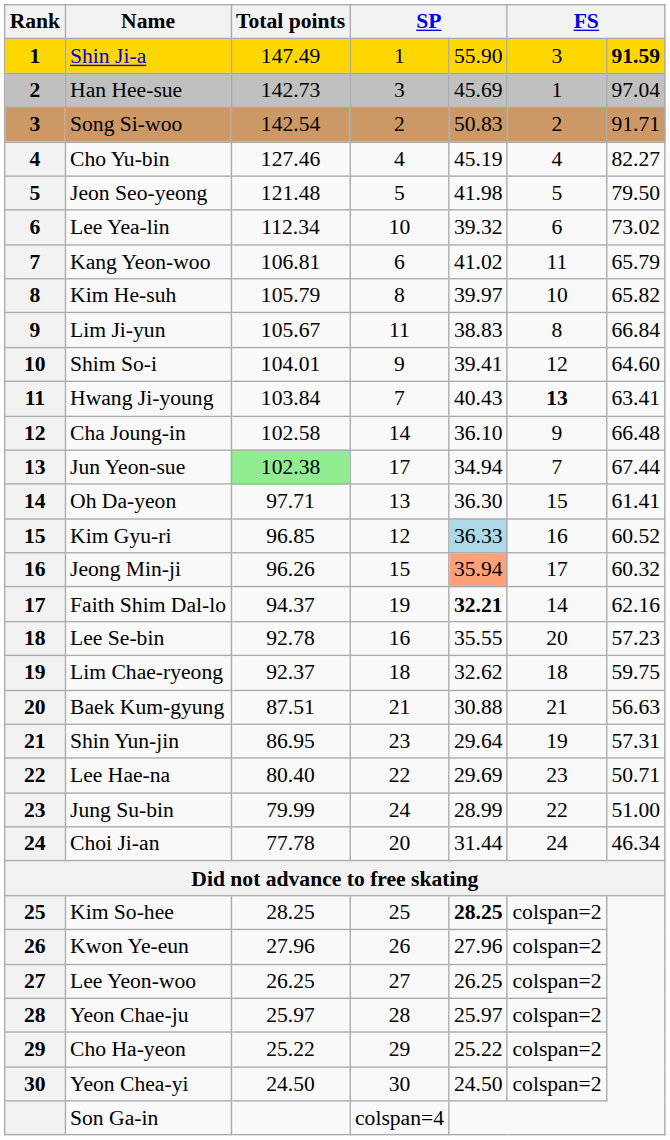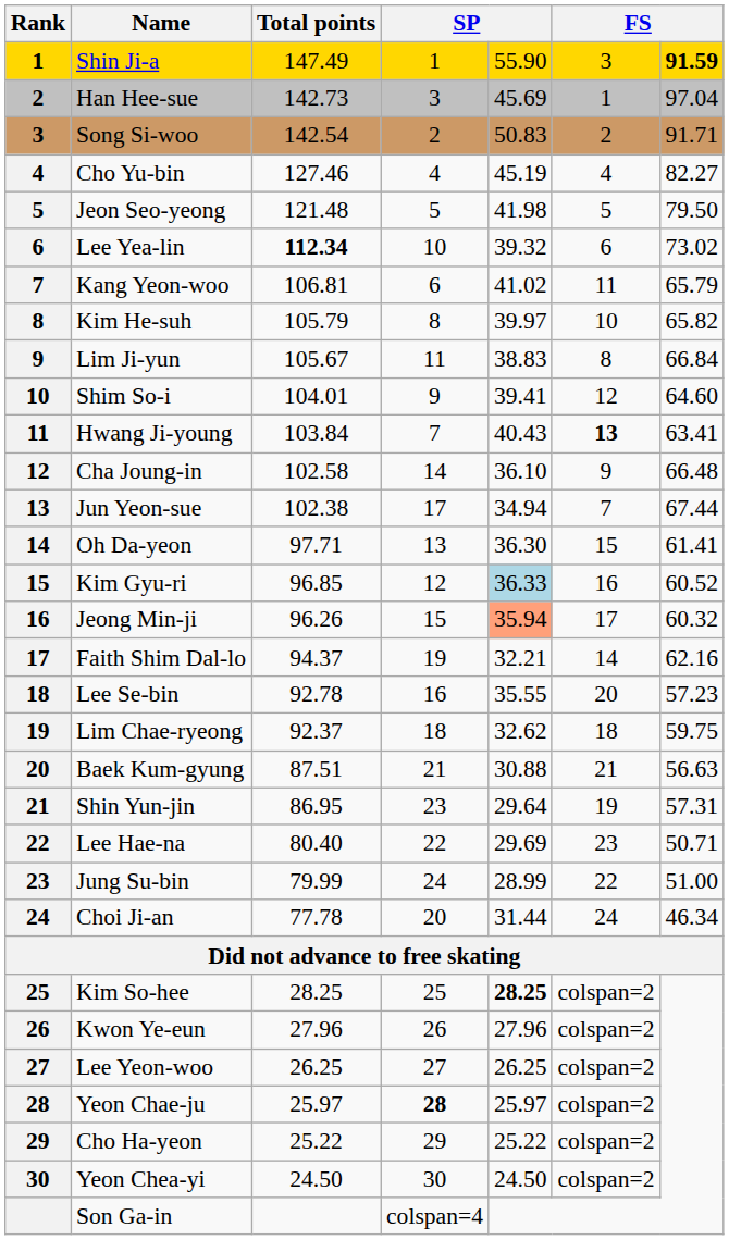 <table class="wikitable sortable">
 <tr>
 <th>Rank</th>
 <th>Name</th>
 <th>Total points</th>
 <th colspan="2" width="80px"><a href='#'>SP</a></th>
 <th colspan="2" width="80px"><a href='#'>FS</a></th>
 </tr>
 <tr bgcolor="gold">
 <td align="center"><strong>1</strong></td>
 <td><a href='#'>Shin Ji-a</a></td>
 <td align="center">147.49</td>
 <td align="center">1</td>
 <td align="center">55.90</td>
 <td align="center">3</td>
 <td align="center"><strong>91.59</strong></td>
 </tr>
 <tr bgcolor="silver">
 <td align="center"><strong>2</strong></td>
 <td>Han Hee-sue</td>
 <td align="center">142.73</td>
 <td align="center">3</td>
 <td align="center">45.69</td>
 <td align="center">1</td>
 <td align="center">97.04</td>
 </tr>
 <tr bgcolor="cc9966">
 <td align="center"><strong>3</strong></td>
 <td>Song Si-woo</td>
 <td align="center">142.54</td>
 <td align="center">2</td>
 <td align="center">50.83</td>
 <td align="center">2</td>
 <td align="center">91.71</td>
 </tr>
 <tr>
 <th>4</th>
 <td>Cho Yu-bin</td>
 <td align="center">127.46</td>
 <td align="center">4</td>
 <td align="center">45.19</td>
 <td align="center">4</td>
 <td align="center">82.27</td>
 </tr>
 <tr>
 <th>5</th>
 <td>Jeon Seo-yeong</td>
 <td align="center">121.48</td>
 <td align="center">5</td>
 <td align="center">41.98</td>
 <td align="center">5</td>
 <td align="center">79.50</td>
 </tr>
 <tr>
 <th>6</th>
 <td>Lee Yea-lin</td>
-<td align="center">112.34</td>
+<td align="center"><strong>112.34</strong></td>
 <td align="center">10</td>
 <td align="center">39.32</td>
 <td align="center">6</td>
 <td align="center">73.02</td>
 </tr>
 <tr>
 <th>7</th>
 <td>Kang Yeon-woo</td>
 <td align="center">106.81</td>
 <td align="center">6</td>
 <td align="center">41.02</td>
 <td align="center">11</td>
 <td align="center">65.79</td>
 </tr>
 <tr>
 <th>8</th>
 <td>Kim He-suh</td>
 <td align="center">105.79</td>
 <td align="center">8</td>
 <td align="center">39.97</td>
 <td align="center">10</td>
 <td align="center">65.82</td>
 </tr>
 <tr>
 <th>9</th>
 <td>Lim Ji-yun</td>
 <td align="center">105.67</td>
 <td align="center">11</td>
 <td align="center">38.83</td>
 <td align="center">8</td>
 <td align="center">66.84</td>
 </tr>
 <tr>
 <th>10</th>
 <td>Shim So-i</td>
 <td align="center">104.01</td>
 <td align="center">9</td>
 <td align="center">39.41</td>
 <td align="center">12</td>
 <td align="center">64.60</td>
 </tr>
 <tr>
 <th>11</th>
 <td>Hwang Ji-young</td>
 <td align="center">103.84</td>
 <td align="center">7</td>
 <td align="center">40.43</td>
 <td align="center"><strong>13</strong></td>
 <td align="center">63.41</td>
 </tr>
 <tr>
 <th>12</th>
 <td>Cha Joung-in</td>
 <td align="center">102.58</td>
 <td align="center">14</td>
 <td align="center">36.10</td>
 <td align="center">9</td>
 <td align="center">66.48</td>
 </tr>
 <tr>
 <th>13</th>
 <td>Jun Yeon-sue</td>
-<td align="center" style="background: lightgreen;">102.38</td>
+<td align="center">102.38</td>
 <td align="center">17</td>
 <td align="center">34.94</td>
 <td align="center">7</td>
 <td align="center">67.44</td>
 </tr>
 <tr>
 <th>14</th>
 <td>Oh Da-yeon</td>
 <td align="center">97.71</td>
 <td align="center">13</td>
 <td align="center">36.30</td>
 <td align="center">15</td>
 <td align="center">61.41</td>
 </tr>
 <tr>
 <th>15</th>
 <td>Kim Gyu-ri</td>
 <td align="center">96.85</td>
 <td align="center">12</td>
 <td align="center" style="background: lightblue;">36.33</td>
 <td align="center">16</td>
 <td align="center">60.52</td>
 </tr>
 <tr>
 <th>16</th>
 <td>Jeong Min-ji</td>
 <td align="center">96.26</td>
 <td align="center">15</td>
 <td align="center" style="background: lightsalmon;">35.94</td>
 <td align="center">17</td>
 <td align="center">60.32</td>
 </tr>
 <tr>
 <th>17</th>
 <td>Faith Shim Dal-lo</td>
 <td align="center">94.37</td>
 <td align="center">19</td>
-<td align="center"><strong>32.21</strong></td>
+<td align="center">32.21</td>
 <td align="center">14</td>
 <td align="center">62.16</td>
 </tr>
 <tr>
 <th>18</th>
 <td>Lee Se-bin</td>
 <td align="center">92.78</td>
 <td align="center">16</td>
 <td align="center">35.55</td>
 <td align="center">20</td>
 <td align="center">57.23</td>
 </tr>
 <tr>
 <th>19</th>
 <td>Lim Chae-ryeong</td>
 <td align="center">92.37</td>
 <td align="center">18</td>
 <td align="center">32.62</td>
 <td align="center">18</td>
 <td align="center">59.75</td>
 </tr>
 <tr>
 <th>20</th>
 <td>Baek Kum-gyung</td>
 <td align="center">87.51</td>
 <td align="center">21</td>
 <td align="center">30.88</td>
 <td align="center">21</td>
 <td align="center">56.63</td>
 </tr>
 <tr>
 <th>21</th>
 <td>Shin Yun-jin</td>
 <td align="center">86.95</td>
 <td align="center">23</td>
 <td align="center">29.64</td>
 <td align="center">19</td>
 <td align="center">57.31</td>
 </tr>
 <tr>
 <th>22</th>
 <td>Lee Hae-na</td>
 <td align="center">80.40</td>
 <td align="center">22</td>
 <td align="center">29.69</td>
 <td align="center">23</td>
 <td align="center">50.71</td>
 </tr>
 <tr>
 <th>23</th>
 <td>Jung Su-bin</td>
 <td align="center">79.99</td>
 <td align="center">24</td>
 <td align="center">28.99</td>
 <td align="center">22</td>
 <td align="center">51.00</td>
 </tr>
 <tr>
 <th>24</th>
 <td>Choi Ji-an</td>
 <td align="center">77.78</td>
 <td align="center">20</td>
 <td align="center">31.44</td>
 <td align="center">24</td>
 <td align="center">46.34</td>
 </tr>
 <tr>
 <th colspan=8>Did not advance to free skating</th>
 </tr>
 <tr>
 <th>25</th>
 <td>Kim So-hee</td>
 <td align="center">28.25</td>
 <td align="center">25</td>
 <td align="center"><strong>28.25</strong></td>
 <td>colspan=2 </td>
 </tr>
 <tr>
 <th>26</th>
 <td>Kwon Ye-eun</td>
 <td align="center">27.96</td>
 <td align="center">26</td>
 <td align="center">27.96</td>
 <td>colspan=2 </td>
 </tr>
 <tr>
 <th>27</th>
 <td>Lee Yeon-woo</td>
 <td align="center">26.25</td>
 <td align="center">27</td>
 <td align="center">26.25</td>
 <td>colspan=2 </td>
 </tr>
 <tr>
 <th>28</th>
 <td>Yeon Chae-ju</td>
 <td align="center">25.97</td>
-<td align="center">28</td>
+<td align="center"><strong>28</strong></td>
 <td align="center">25.97</td>
 <td>colspan=2 </td>
 </tr>
 <tr>
 <th>29</th>
 <td>Cho Ha-yeon</td>
 <td align="center">25.22</td>
 <td align="center">29</td>
 <td align="center">25.22</td>
 <td>colspan=2 </td>
 </tr>
 <tr>
 <th>30</th>
 <td>Yeon Chea-yi</td>
 <td align="center">24.50</td>
 <td align="center">30</td>
 <td align="center">24.50</td>
 <td>colspan=2 </td>
 </tr>
 <tr>
 <th></th>
 <td>Son Ga-in</td>
 <td></td>
 <td>colspan=4 </td>
 </tr>
 </table>
